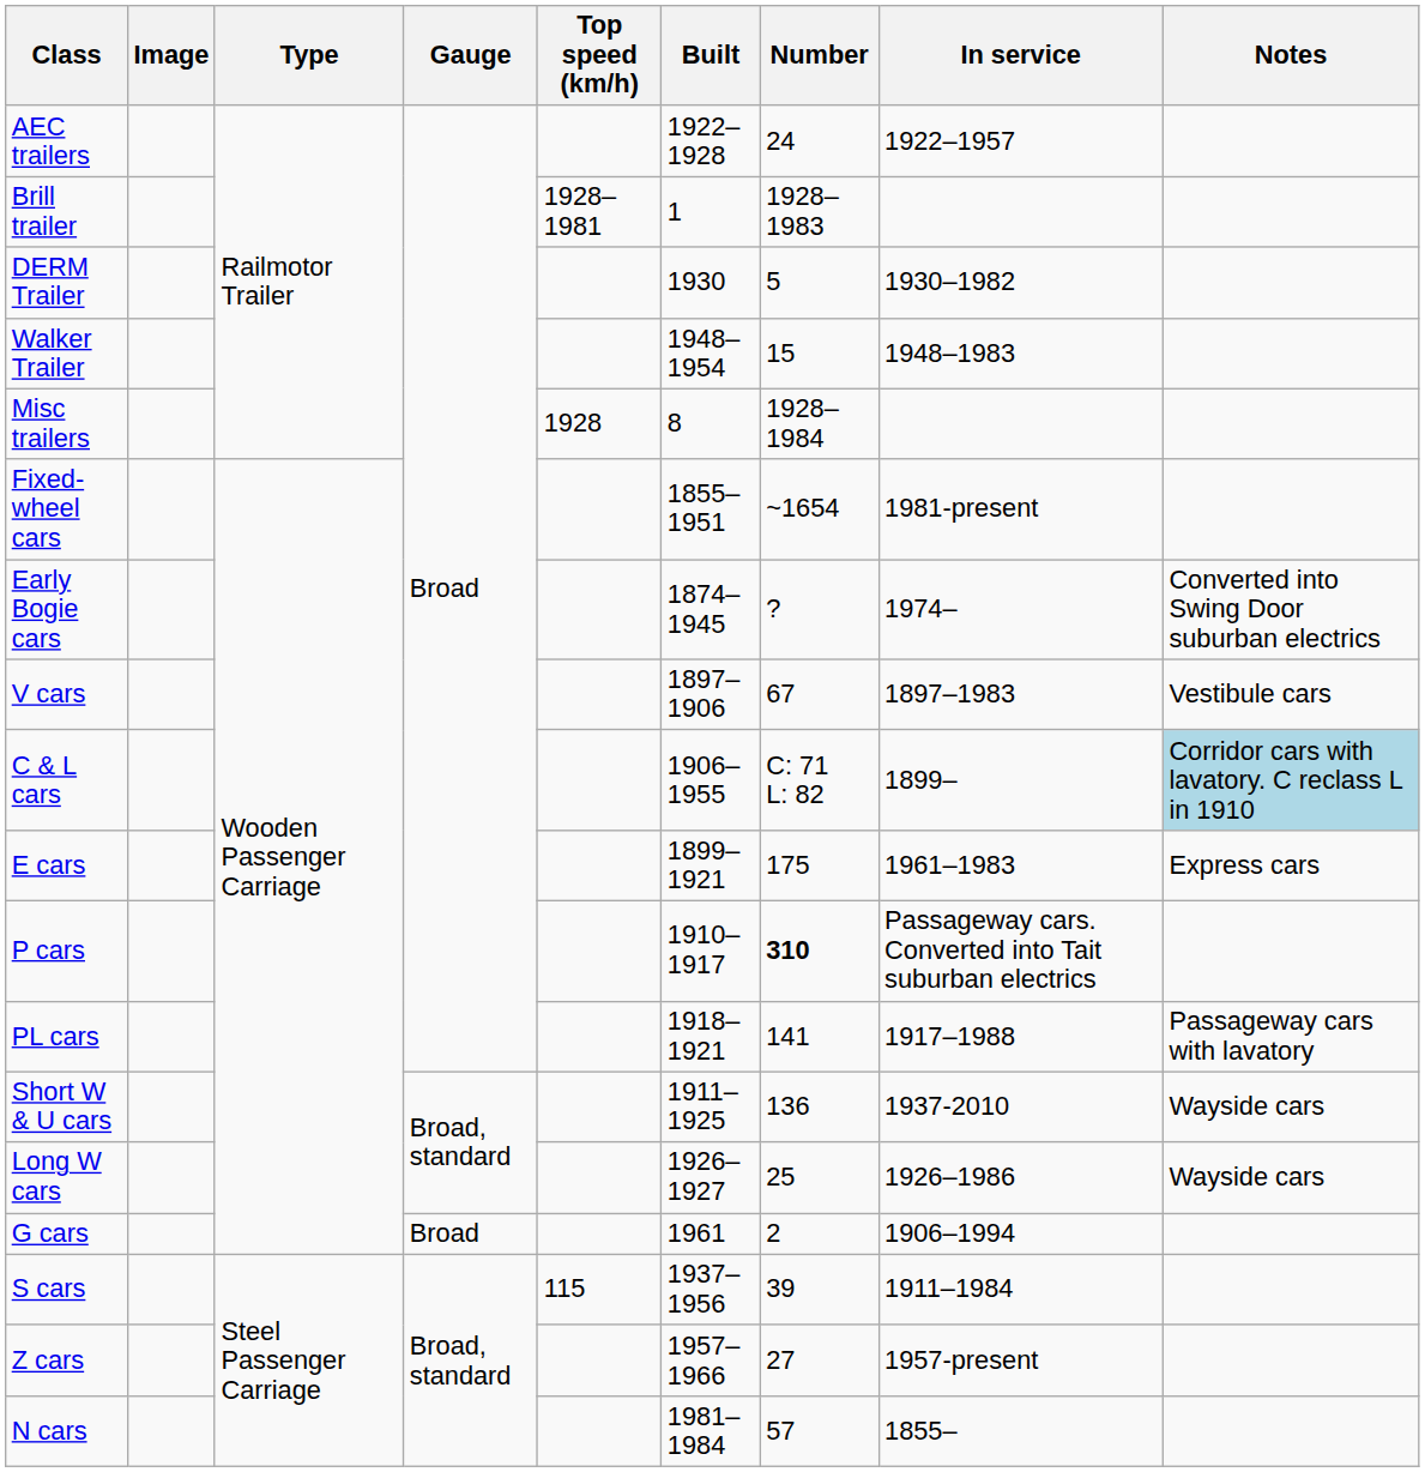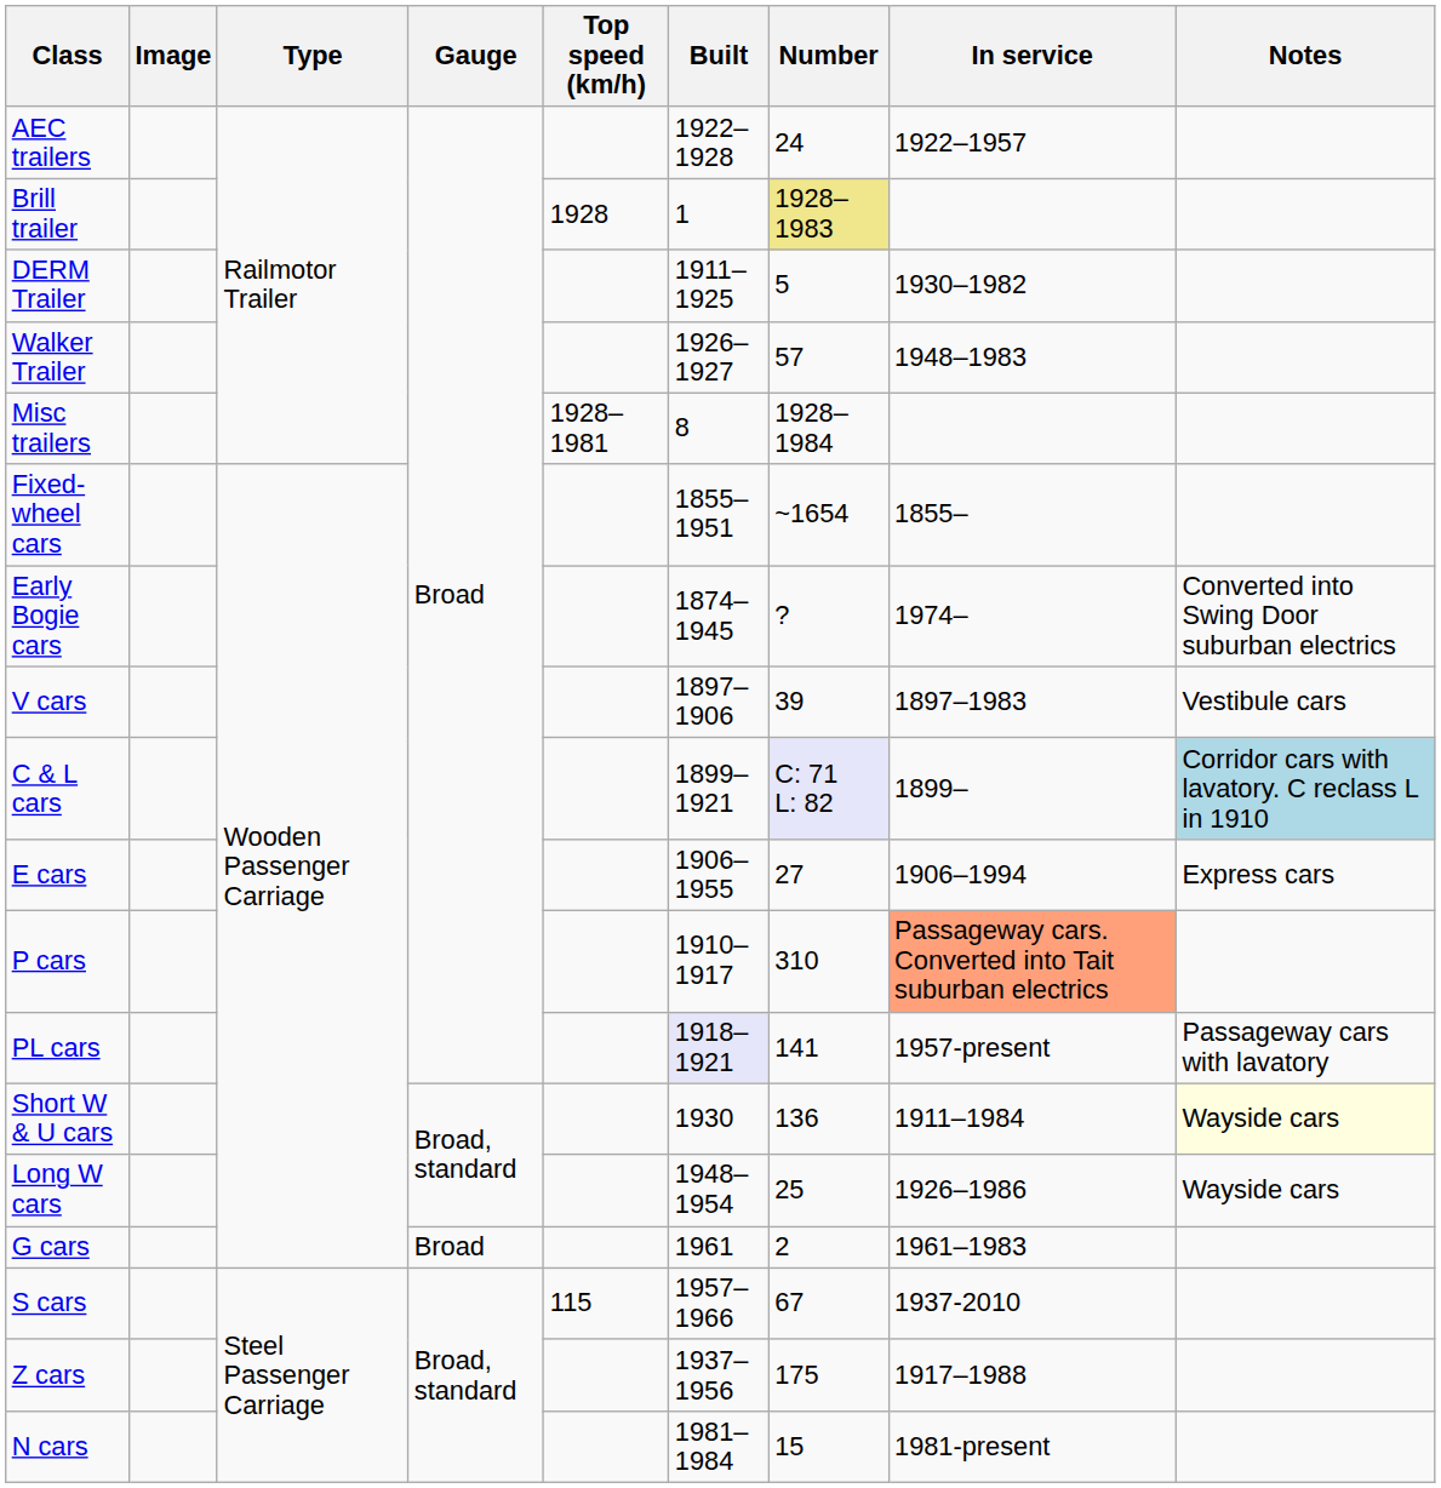 <table class="wikitable sortable">
 <tr>
 <th>Class</th>
 <th>Image</th>
 <th>Type</th>
 <th>Gauge</th>
 <th>Top speed (km/h)</th>
 <th>Built</th>
 <th>Number</th>
 <th>In service</th>
 <th>Notes</th>
 </tr>
 <tr>
 <td><a href='#'>AEC trailers</a></td>
 <td></td>
 <td rowspan="5">Railmotor Trailer</td>
 <td rowspan="12">Broad</td>
 <td></td>
 <td>1922–1928</td>
 <td>24</td>
 <td>1922–1957</td>
 <td></td>
 </tr>
 <tr>
 <td><a href='#'>Brill trailer</a></td>
 <td></td>
-<td>1928–1981</td>
+<td>1928</td>
 <td>1</td>
-<td>1928–1983</td>
+<td style="background: khaki;">1928–1983</td>
 <td></td>
 </tr>
 <tr>
 <td><a href='#'>DERM Trailer</a></td>
 <td></td>
 <td></td>
-<td>1930</td>
+<td>1911–1925</td>
 <td>5</td>
 <td>1930–1982</td>
 <td></td>
 </tr>
 <tr>
 <td><a href='#'>Walker Trailer</a></td>
 <td></td>
 <td></td>
-<td>1948–1954</td>
-<td>15</td>
+<td>1926–1927</td>
+<td>57</td>
 <td>1948–1983</td>
 <td></td>
 </tr>
 <tr>
 <td><a href='#'>Misc trailers</a></td>
 <td></td>
-<td>1928</td>
+<td>1928–1981</td>
 <td>8</td>
 <td>1928–1984</td>
 <td></td>
 </tr>
 <tr>
 <td><a href='#'>Fixed-wheel cars</a></td>
 <td></td>
 <td rowspan="10">Wooden Passenger Carriage</td>
 <td></td>
 <td>1855–1951</td>
 <td>~1654</td>
-<td>1981-present</td>
+<td>1855–</td>
 <td></td>
 </tr>
 <tr>
 <td><a href='#'>Early Bogie cars</a></td>
 <td></td>
 <td></td>
 <td>1874–1945</td>
 <td>?</td>
 <td>1974–</td>
 <td>Converted into Swing Door suburban electrics</td>
 </tr>
 <tr>
 <td><a href='#'>V cars</a></td>
 <td></td>
 <td></td>
 <td>1897–1906</td>
-<td>67</td>
+<td>39</td>
 <td>1897–1983</td>
 <td>Vestibule cars</td>
 </tr>
 <tr>
 <td><a href='#'>C & L cars</a></td>
 <td></td>
 <td></td>
-<td>1906–1955</td>
-<td>C: 71<br>L: 82</td>
+<td>1899–1921</td>
+<td style="background: lavender;">C: 71<br>L: 82</td>
 <td>1899–</td>
 <td style="background: lightblue;">Corridor cars with lavatory. C reclass L in 1910</td>
 </tr>
 <tr>
 <td><a href='#'>E cars</a></td>
 <td></td>
 <td></td>
-<td>1899–1921</td>
-<td>175</td>
-<td>1961–1983</td>
+<td>1906–1955</td>
+<td>27</td>
+<td>1906–1994</td>
 <td>Express cars</td>
 </tr>
 <tr>
 <td><a href='#'>P cars</a></td>
 <td></td>
 <td></td>
 <td>1910–1917</td>
-<td><strong>310</strong></td>
-<td>Passageway cars. Converted into Tait suburban electrics</td>
+<td>310</td>
+<td style="background: lightsalmon;">Passageway cars. Converted into Tait suburban electrics</td>
 </tr>
 <tr>
 <td><a href='#'>PL cars</a></td>
 <td></td>
 <td></td>
-<td>1918–1921</td>
+<td style="background: lavender;">1918–1921</td>
 <td>141</td>
-<td>1917–1988</td>
+<td>1957-present</td>
 <td>Passageway cars with lavatory</td>
 </tr>
 <tr>
 <td><a href='#'>Short W & U cars</a></td>
 <td></td>
 <td rowspan="2">Broad, standard</td>
 <td></td>
-<td>1911–1925</td>
+<td>1930</td>
 <td>136</td>
-<td>1937-2010</td>
-<td>Wayside cars</td>
+<td>1911–1984</td>
+<td style="background: lightyellow;">Wayside cars</td>
 </tr>
 <tr>
 <td><a href='#'>Long W cars</a></td>
 <td></td>
 <td></td>
-<td>1926–1927</td>
+<td>1948–1954</td>
 <td>25</td>
 <td>1926–1986</td>
 <td>Wayside cars</td>
 </tr>
 <tr>
 <td><a href='#'>G cars</a></td>
 <td></td>
 <td>Broad</td>
 <td></td>
 <td>1961</td>
 <td>2</td>
-<td>1906–1994</td>
+<td>1961–1983</td>
 <td></td>
 </tr>
 <tr>
 <td><a href='#'>S cars</a></td>
 <td></td>
 <td rowspan="3">Steel Passenger Carriage</td>
 <td rowspan="3">Broad, standard</td>
 <td>115</td>
-<td>1937–1956</td>
-<td>39</td>
-<td>1911–1984</td>
+<td>1957–1966</td>
+<td>67</td>
+<td>1937-2010</td>
 <td></td>
 </tr>
 <tr>
 <td><a href='#'>Z cars</a></td>
 <td></td>
 <td></td>
-<td>1957–1966</td>
-<td>27</td>
-<td>1957-present</td>
+<td>1937–1956</td>
+<td>175</td>
+<td>1917–1988</td>
 <td></td>
 </tr>
 <tr>
 <td><a href='#'>N cars</a></td>
 <td></td>
 <td></td>
 <td>1981–1984</td>
-<td>57</td>
-<td>1855–</td>
+<td>15</td>
+<td>1981-present</td>
 <td></td>
 </tr>
 </table>
